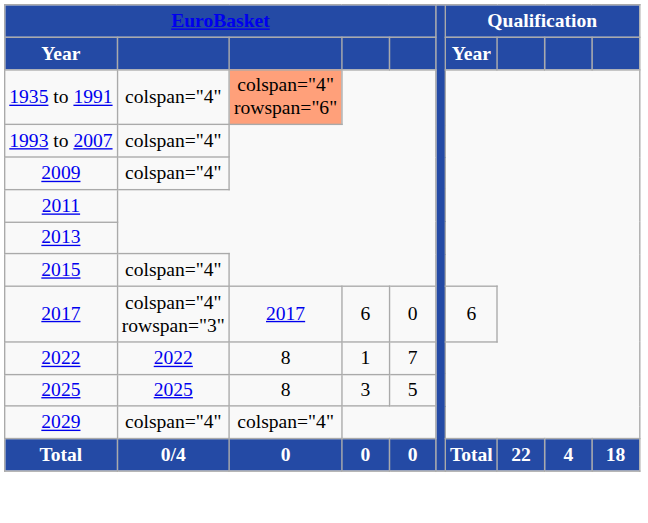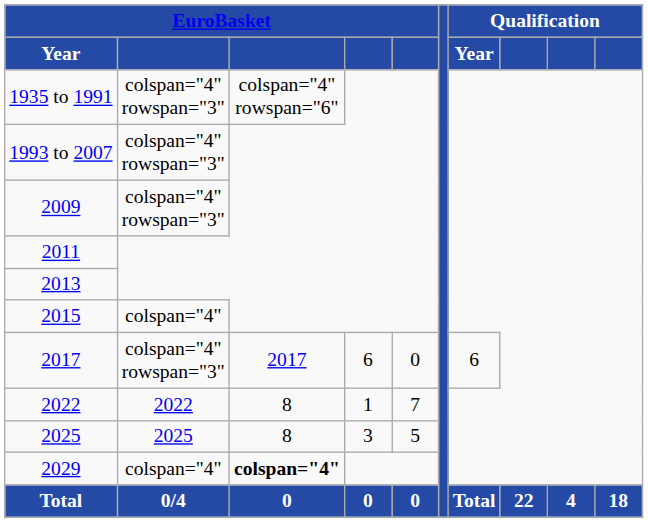 <table class="wikitable" style="text-align: center;font-size:90%;">
 <tr>
 <th colspan="5" style="background:#244AA5;color:white;"><a href='#'><span>EuroBasket</span></a></th>
 <th rowspan="13" style="background:#244AA5"></th>
 <th colspan="4" style="background:#244AA5;color:white;">Qualification</th>
 </tr>
 <tr>
 <th style="background:#244AA5;color:white;">Year</th>
 <th width="28" style="background:#244AA5;color:white;"></th>
 <th width="28" style="background:#244AA5;color:white;"></th>
 <th width="28" style="background:#244AA5;color:white;"></th>
 <th width="28" style="background:#244AA5;color:white;"></th>
 <th style="background:#244AA5;color:white;">Year</th>
 <th width="28" style="background:#244AA5;color:white;"></th>
 <th width="28" style="background:#244AA5;color:white;"></th>
 <th width="28" style="background:#244AA5;color:white;"></th>
 </tr>
 <tr>
 <td> <a href='#'>1935</a> to  <a href='#'>1991</a></td>
-<td>colspan="4" </td>
-<td style="background: lightsalmon;">colspan="4" rowspan="6" </td>
+<td>colspan="4" rowspan="3" </td>
+<td>colspan="4" rowspan="6" </td>
 </tr>
 <tr>
 <td> <a href='#'>1993</a> to  <a href='#'>2007</a></td>
-<td>colspan="4" </td>
+<td>colspan="4" rowspan="3" </td>
 </tr>
 <tr>
 <td> <a href='#'>2009</a></td>
-<td>colspan="4" </td>
+<td>colspan="4" rowspan="3" </td>
 </tr>
 <tr>
 <td> <a href='#'>2011</a></td>
 </tr>
 <tr>
 <td> <a href='#'>2013</a></td>
 </tr>
 <tr>
 <td> <a href='#'>2015</a></td>
 <td>colspan="4" </td>
 </tr>
 <tr>
 <td> <a href='#'>2017</a></td>
 <td>colspan="4" rowspan="3" </td>
 <td><a href='#'>2017</a></td>
 <td>6</td>
 <td>0</td>
 <td>6</td>
 </tr>
 <tr>
 <td> <a href='#'>2022</a></td>
 <td><a href='#'>2022</a></td>
 <td>8</td>
 <td>1</td>
 <td>7</td>
 </tr>
 <tr>
 <td> <a href='#'>2025</a></td>
 <td><a href='#'>2025</a></td>
 <td>8</td>
 <td>3</td>
 <td>5</td>
 </tr>
 <tr>
 <td> <a href='#'>2029</a></td>
 <td>colspan="4" </td>
-<td>colspan="4" </td>
+<td><strong>colspan="4" </strong></td>
 </tr>
 <tr>
 <th style="background:#244AA5;color:white;">Total</th>
 <th style="background:#244AA5;color:white;">0/4</th>
 <th style="background:#244AA5;color:white;">0</th>
 <th style="background:#244AA5;color:white;">0</th>
 <th style="background:#244AA5;color:white;">0</th>
 <th style="background:#244AA5;color:white;">Total</th>
 <th style="background:#244AA5;color:white;">22</th>
 <th style="background:#244AA5;color:white;">4</th>
 <th style="background:#244AA5;color:white;">18</th>
 </tr>
 </table>
